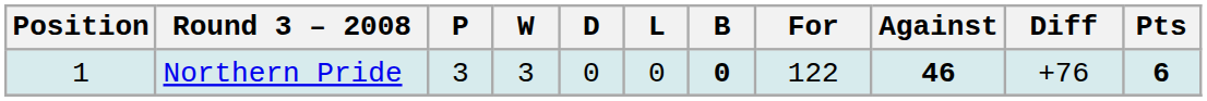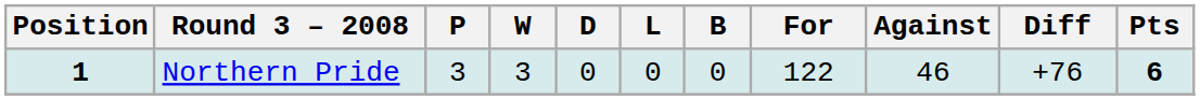 <table class="wikitable" style="text-align:center; font-size:85%;">
 <tr>
 <th width=40 abbr="Position">Position</th>
 <th width=100>Round 3 – 2008</th>
 <th width=20 abbr="Played">P</th>
 <th width=20 abbr="Won">W</th>
 <th width=20 abbr="Drawn">D</th>
 <th width=20 abbr="Lost">L</th>
 <th width=20 abbr="Bye">B</th>
 <th width=40 abbr="Points for">For</th>
 <th width=40 abbr="Points against">Against</th>
 <th width=40 abbr="Points difference">Diff</th>
 <th width=25 abbr="Points">Pts</th>
 </tr>
 <tr style="background: #d7ebed;">
-<td>1</td>
+<td><strong>1</strong></td>
 <td style="text-align:left;"> <a href='#'>Northern Pride</a></td>
 <td>3</td>
 <td>3</td>
 <td>0</td>
 <td>0</td>
-<td><strong>0</strong></td>
+<td>0</td>
 <td>122</td>
-<td><strong>46</strong></td>
+<td>46</td>
 <td>+76</td>
 <td><strong>6</strong></td>
 </tr>
 <tr>
 </tr>
 </table>
